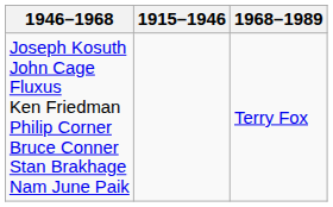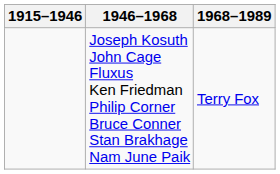 <table class="wikitable sortable">
 <tr>
+<th>1915–1946</th>
 <th>1946–1968</th>
-<th>1915–1946</th>
 <th>1968–1989</th>
 </tr>
 <tr>
+<td></td>
 <td><a href='#'>Joseph Kosuth</a><br><a href='#'>John Cage</a><br><a href='#'>Fluxus</a><br>Ken Friedman<br><a href='#'>Philip Corner</a><br><a href='#'>Bruce Conner</a><br><a href='#'>Stan Brakhage</a><br><a href='#'>Nam June Paik</a></td>
-<td></td>
 <td><a href='#'>Terry Fox</a></td>
 </tr>
 </table>
